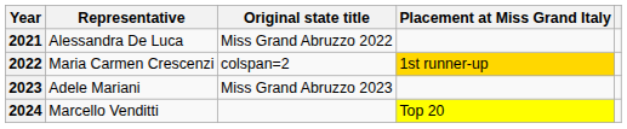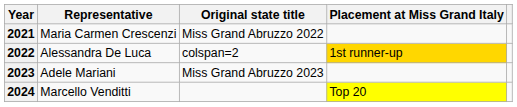 <table class="wikitable defaultcenter col2left" style="font-size:95%;">
 <tr>
 <th>Year</th>
 <th>Representative</th>
 <th>Original state title</th>
 <th>Placement at Miss Grand Italy</th>
 <th></th>
 </tr>
 <tr>
 <th>2021</th>
-<td>Alessandra De Luca</td>
+<td>Maria Carmen Crescenzi</td>
 <td>Miss Grand Abruzzo 2022</td>
 <td></td>
 </tr>
 <tr>
 <th>2022</th>
-<td>Maria Carmen Crescenzi</td>
+<td>Alessandra De Luca</td>
 <td>colspan=2 </td>
 <td bgcolor=gold>1st runner-up</td>
 <td></td>
 </tr>
 <tr>
 <th>2023</th>
 <td>Adele Mariani</td>
 <td>Miss Grand Abruzzo 2023</td>
 <td></td>
 <td></td>
 </tr>
 <tr>
 <th>2024</th>
 <td>Marcello Venditti</td>
 <td></td>
 <td bgcolor=yellow>Top 20</td>
 <td></td>
 </tr>
 </table>
